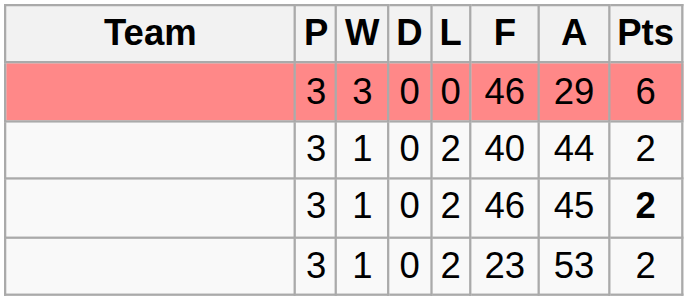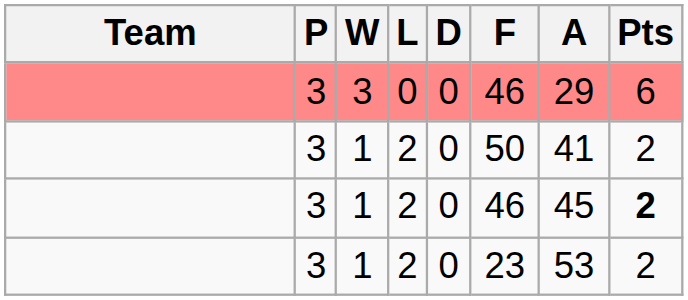 <table class="wikitable" style="text-align:center;">
 <tr>
 <th width="120px">Team</th>
 <th>P</th>
 <th>W</th>
+<th>L</th>
 <th>D</th>
-<th>L</th>
 <th width="23px">F</th>
 <th width="23px">A</th>
 <th width="23px">Pts</th>
 </tr>
 <tr bgcolor="#FF8888">
 <td></td>
 <td>3</td>
 <td>3</td>
 <td>0</td>
 <td>0</td>
 <td>46</td>
 <td>29</td>
 <td>6</td>
 </tr>
 <tr>
 <td></td>
 <td>3</td>
 <td>1</td>
+<td>2</td>
 <td>0</td>
-<td>2</td>
-<td>40</td>
-<td>44</td>
+<td>50</td>
+<td>41</td>
 <td>2</td>
 </tr>
 <tr>
 <td></td>
 <td>3</td>
 <td>1</td>
+<td>2</td>
 <td>0</td>
-<td>2</td>
 <td>46</td>
 <td>45</td>
 <td><strong>2</strong></td>
 </tr>
 <tr>
 <td></td>
 <td>3</td>
 <td>1</td>
+<td>2</td>
 <td>0</td>
-<td>2</td>
 <td>23</td>
 <td>53</td>
 <td>2</td>
 </tr>
 </table>
